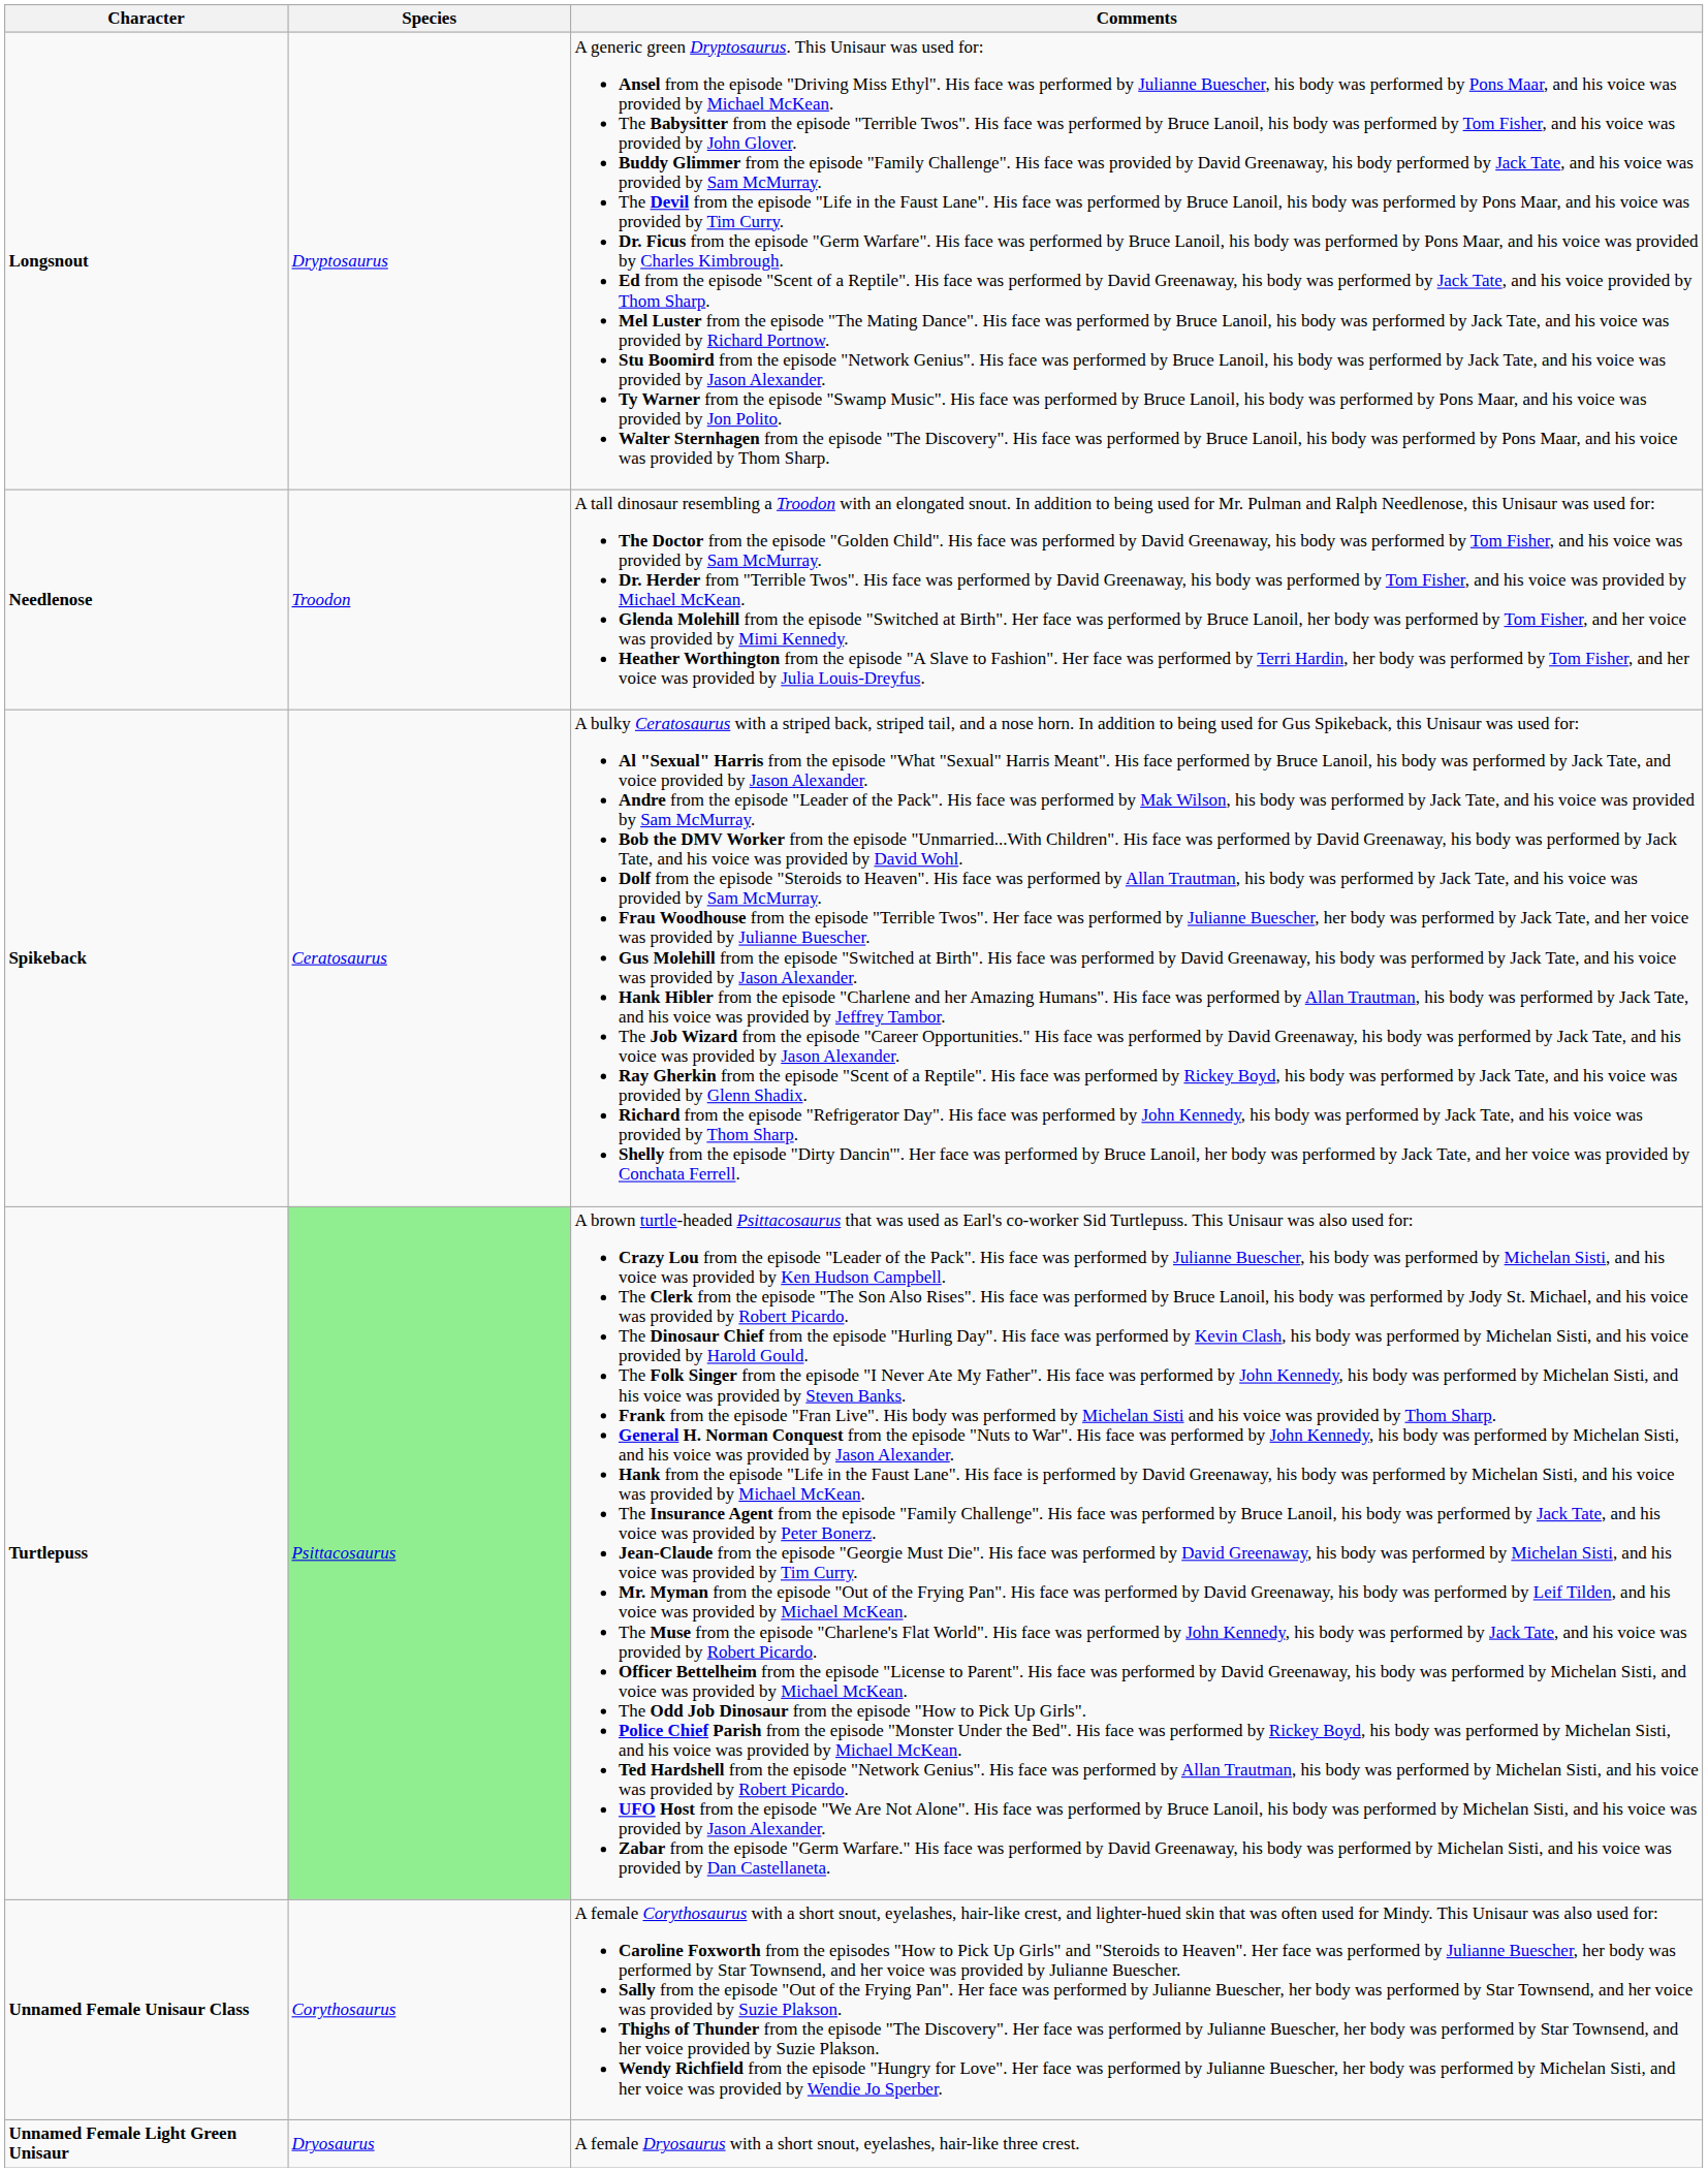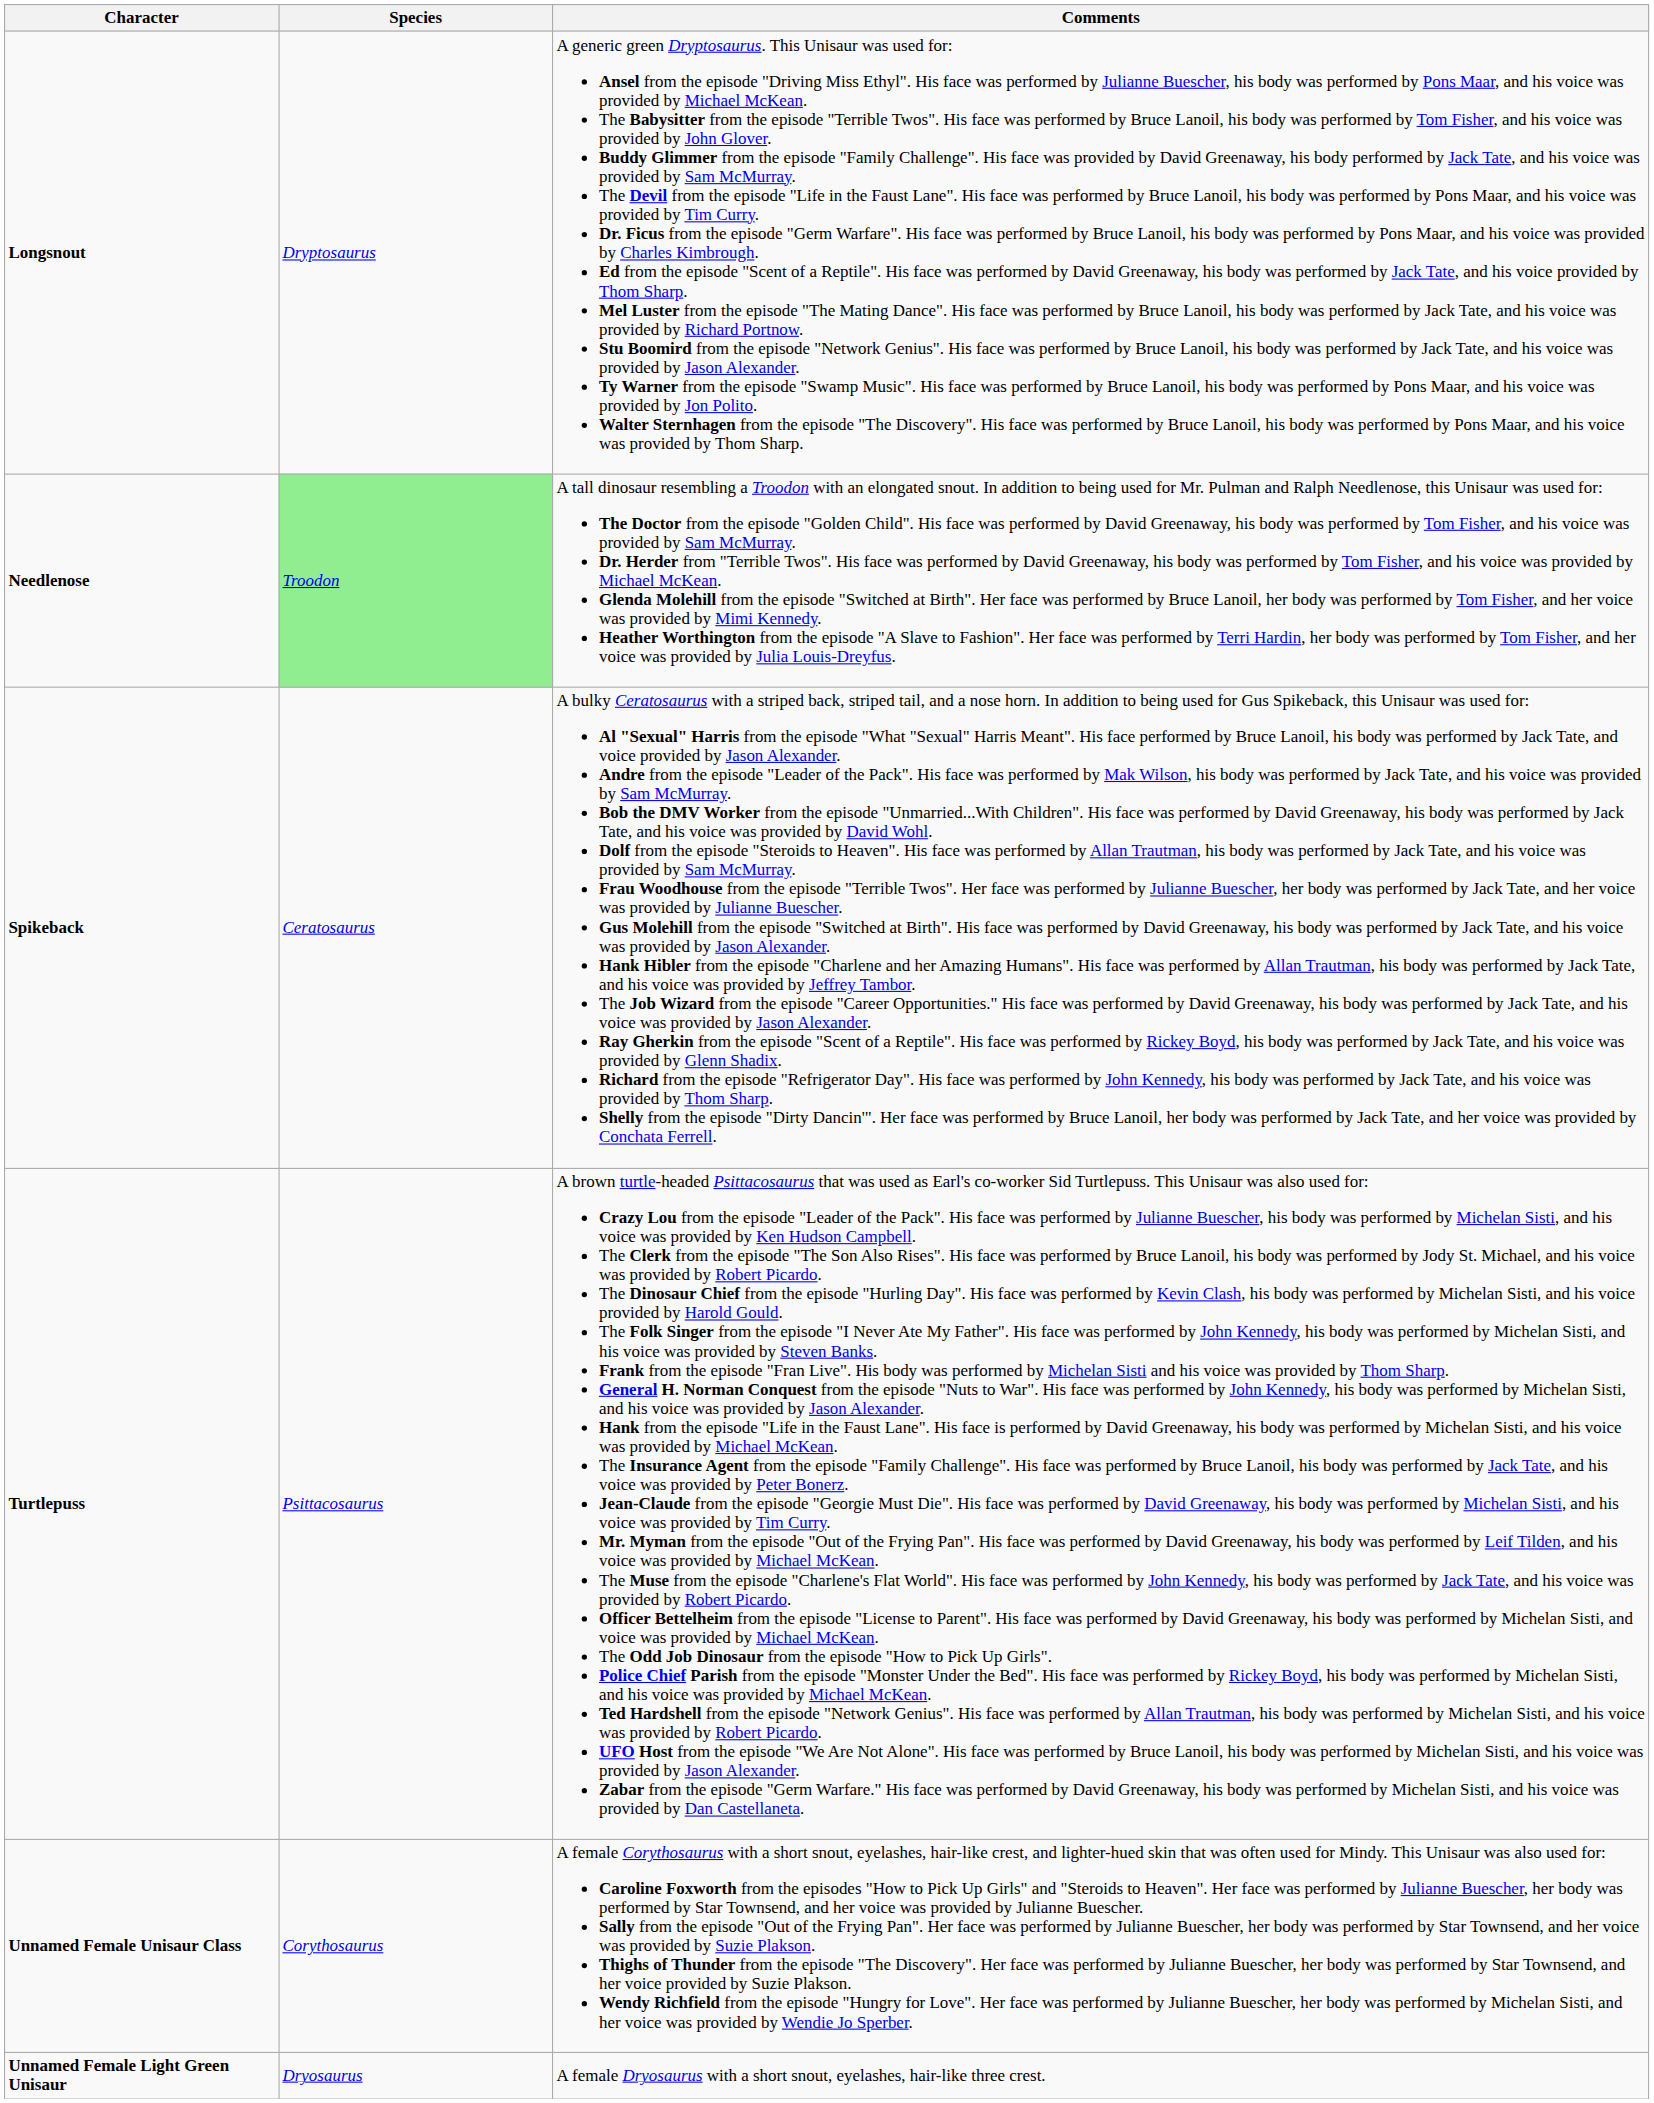 <table class="wikitable" style="width:98%;">
 <tr bgcolor="#CCCCCC">
 <th style="width:12.5%;">Character</th>
 <th style="width:12.5%;">Species</th>
 <th style="width:50%;">Comments</th>
 </tr>
 <tr>
 <td><strong>Longsnout</strong></td>
 <td><em><a href='#'>Dryptosaurus</a></em></td>
 <td>A generic green <em><a href='#'>Dryptosaurus</a></em>. This Unisaur was used for:<br><ul><li><strong>Ansel</strong> from the episode "Driving Miss Ethyl". His face was performed by <a href='#'>Julianne Buescher</a>, his body was performed by <a href='#'>Pons Maar</a>, and his voice was provided by <a href='#'>Michael McKean</a>.</li><li>The <strong>Babysitter</strong> from the episode "Terrible Twos". His face was performed by Bruce Lanoil, his body was performed by <a href='#'>Tom Fisher</a>, and his voice was provided by <a href='#'>John Glover</a>.</li><li><strong>Buddy Glimmer</strong> from the episode "Family Challenge". His face was provided by David Greenaway, his body performed by <a href='#'>Jack Tate</a>, and his voice was provided by <a href='#'>Sam McMurray</a>.</li><li>The <strong><a href='#'>Devil</a></strong> from the episode "Life in the Faust Lane". His face was performed by Bruce Lanoil, his body was performed by Pons Maar, and his voice was provided by <a href='#'>Tim Curry</a>.</li><li><strong>Dr. Ficus</strong> from the episode "Germ Warfare". His face was performed by Bruce Lanoil, his body was performed by Pons Maar, and his voice was provided by <a href='#'>Charles Kimbrough</a>.</li><li><strong>Ed</strong> from the episode "Scent of a Reptile". His face was performed by David Greenaway, his body was performed by <a href='#'>Jack Tate</a>, and his voice provided by <a href='#'>Thom Sharp</a>.</li><li><strong>Mel Luster</strong> from the episode "The Mating Dance". His face was performed by Bruce Lanoil, his body was performed by Jack Tate, and his voice was provided by <a href='#'>Richard Portnow</a>.</li><li><strong>Stu Boomird</strong> from the episode "Network Genius". His face was performed by Bruce Lanoil, his body was performed by Jack Tate, and his voice was provided by <a href='#'>Jason Alexander</a>.</li><li><strong>Ty Warner</strong> from the episode "Swamp Music". His face was performed by Bruce Lanoil, his body was performed by Pons Maar, and his voice was provided by <a href='#'>Jon Polito</a>.</li><li><strong>Walter Sternhagen</strong> from the episode "The Discovery". His face was performed by Bruce Lanoil, his body was performed by Pons Maar, and his voice was provided by Thom Sharp.</li></ul></td>
 </tr>
 <tr>
 <td><strong>Needlenose</strong></td>
-<td><em><a href='#'>Troodon</a></em></td>
+<td style="background: lightgreen;"><em><a href='#'>Troodon</a></em></td>
 <td>A tall dinosaur resembling a <em><a href='#'>Troodon</a></em> with an elongated snout. In addition to being used for Mr. Pulman and Ralph Needlenose, this Unisaur was used for:<br><ul><li><strong>The Doctor</strong> from the episode "Golden Child". His face was performed by David Greenaway, his body was performed by <a href='#'>Tom Fisher</a>, and his voice was provided by <a href='#'>Sam McMurray</a>.</li><li><strong>Dr. Herder</strong> from "Terrible Twos". His face was performed by David Greenaway, his body was performed by <a href='#'>Tom Fisher</a>, and his voice was provided by <a href='#'>Michael McKean</a>.</li><li><strong>Glenda Molehill</strong> from the episode "Switched at Birth". Her face was performed by Bruce Lanoil, her body was performed by <a href='#'>Tom Fisher</a>, and her voice was provided by <a href='#'>Mimi Kennedy</a>.</li><li><strong>Heather Worthington</strong> from the episode "A Slave to Fashion". Her face was performed by <a href='#'>Terri Hardin</a>, her body was performed by <a href='#'>Tom Fisher</a>, and her voice was provided by <a href='#'>Julia Louis-Dreyfus</a>.</li></ul></td>
 </tr>
 <tr>
 <td><strong>Spikeback</strong></td>
 <td><em><a href='#'>Ceratosaurus</a></em></td>
 <td>A bulky <em><a href='#'>Ceratosaurus</a></em> with a striped back, striped tail, and a nose horn. In addition to being used for Gus Spikeback, this Unisaur was used for:<br><ul><li><strong>Al "Sexual" Harris</strong> from the episode "What "Sexual" Harris Meant". His face performed by Bruce Lanoil, his body was performed by Jack Tate, and voice provided by <a href='#'>Jason Alexander</a>.</li><li><strong>Andre</strong> from the episode "Leader of the Pack". His face was performed by <a href='#'>Mak Wilson</a>, his body was performed by Jack Tate, and his voice was provided by <a href='#'>Sam McMurray</a>.</li><li><strong>Bob the DMV Worker</strong> from the episode "Unmarried...With Children". His face was performed by David Greenaway, his body was performed by Jack Tate, and his voice was provided by <a href='#'>David Wohl</a>.</li><li><strong>Dolf</strong> from the episode "Steroids to Heaven". His face was performed by <a href='#'>Allan Trautman</a>, his body was performed by Jack Tate, and his voice was provided by <a href='#'>Sam McMurray</a>.</li><li><strong>Frau Woodhouse</strong> from the episode "Terrible Twos". Her face was performed by <a href='#'>Julianne Buescher</a>, her body was performed by Jack Tate, and her voice was provided by <a href='#'>Julianne Buescher</a>.</li><li><strong>Gus Molehill</strong> from the episode "Switched at Birth". His face was performed by David Greenaway, his body was performed by Jack Tate, and his voice was provided by <a href='#'>Jason Alexander</a>.</li><li><strong>Hank Hibler</strong> from the episode "Charlene and her Amazing Humans". His face was performed by <a href='#'>Allan Trautman</a>, his body was performed by Jack Tate, and his voice was provided by <a href='#'>Jeffrey Tambor</a>.</li><li>The <strong>Job Wizard</strong> from the episode "Career Opportunities." His face was performed by David Greenaway, his body was performed by Jack Tate, and his voice was provided by <a href='#'>Jason Alexander</a>.</li><li><strong>Ray Gherkin</strong> from the episode "Scent of a Reptile". His face was performed by <a href='#'>Rickey Boyd</a>, his body was performed by Jack Tate, and his voice was provided by <a href='#'>Glenn Shadix</a>.</li><li><strong>Richard</strong> from the episode "Refrigerator Day". His face was performed by <a href='#'>John Kennedy</a>, his body was performed by Jack Tate, and his voice was provided by <a href='#'>Thom Sharp</a>.</li><li><strong>Shelly</strong> from the episode "Dirty Dancin'". Her face was performed by Bruce Lanoil, her body was performed by Jack Tate, and her voice was provided by <a href='#'>Conchata Ferrell</a>.</li></ul></td>
 </tr>
 <tr>
 <td><strong>Turtlepuss</strong></td>
-<td style="background: lightgreen;"><em><a href='#'>Psittacosaurus</a></em></td>
+<td><em><a href='#'>Psittacosaurus</a></em></td>
 <td>A brown <a href='#'>turtle</a>-headed <em><a href='#'>Psittacosaurus</a></em> that was used as Earl's co-worker Sid Turtlepuss. This Unisaur was also used for:<br><ul><li><strong>Crazy Lou</strong> from the episode "Leader of the Pack". His face was performed by <a href='#'>Julianne Buescher</a>, his body was performed by <a href='#'>Michelan Sisti</a>, and his voice was provided by <a href='#'>Ken Hudson Campbell</a>.</li><li>The <strong>Clerk</strong> from the episode "The Son Also Rises". His face was performed by Bruce Lanoil, his body was performed by Jody St. Michael, and his voice was provided by <a href='#'>Robert Picardo</a>.</li><li>The <strong>Dinosaur Chief</strong> from the episode "Hurling Day". His face was performed by <a href='#'>Kevin Clash</a>, his body was performed by Michelan Sisti, and his voice provided by <a href='#'>Harold Gould</a>.</li><li>The <strong>Folk Singer</strong> from the episode "I Never Ate My Father". His face was performed by <a href='#'>John Kennedy</a>, his body was performed by Michelan Sisti, and his voice was provided by <a href='#'>Steven Banks</a>.</li><li><strong>Frank</strong> from the episode "Fran Live". His body was performed by <a href='#'>Michelan Sisti</a> and his voice was provided by <a href='#'>Thom Sharp</a>.</li><li><strong><a href='#'>General</a> H. Norman Conquest</strong> from the episode "Nuts to War". His face was performed by <a href='#'>John Kennedy</a>, his body was performed by Michelan Sisti, and his voice was provided by <a href='#'>Jason Alexander</a>.</li><li><strong>Hank</strong> from the episode "Life in the Faust Lane". His face is performed by David Greenaway, his body was performed by Michelan Sisti, and his voice was provided by <a href='#'>Michael McKean</a>.</li><li>The <strong>Insurance Agent</strong> from the episode "Family Challenge". His face was performed by Bruce Lanoil, his body was performed by <a href='#'>Jack Tate</a>, and his voice was provided by <a href='#'>Peter Bonerz</a>.</li><li><strong>Jean-Claude</strong> from the episode "Georgie Must Die". His face was performed by <a href='#'>David Greenaway</a>, his body was performed by <a href='#'>Michelan Sisti</a>, and his voice was provided by <a href='#'>Tim Curry</a>.</li><li><strong>Mr. Myman</strong> from the episode "Out of the Frying Pan". His face was performed by David Greenaway, his body was performed by <a href='#'>Leif Tilden</a>, and his voice was provided by <a href='#'>Michael McKean</a>.</li><li>The <strong>Muse</strong> from the episode "Charlene's Flat World". His face was performed by <a href='#'>John Kennedy</a>, his body was performed by <a href='#'>Jack Tate</a>, and his voice was provided by <a href='#'>Robert Picardo</a>.</li><li><strong>Officer Bettelheim</strong> from the episode "License to Parent". His face was performed by David Greenaway, his body was performed by Michelan Sisti, and voice was provided by <a href='#'>Michael McKean</a>.</li><li>The <strong>Odd Job Dinosaur</strong> from the episode "How to Pick Up Girls".</li><li><strong><a href='#'>Police Chief</a> Parish</strong> from the episode "Monster Under the Bed". His face was performed by <a href='#'>Rickey Boyd</a>, his body was performed by Michelan Sisti, and his voice was provided by <a href='#'>Michael McKean</a>.</li><li><strong>Ted Hardshell</strong> from the episode "Network Genius". His face was performed by <a href='#'>Allan Trautman</a>, his body was performed by Michelan Sisti, and his voice was provided by <a href='#'>Robert Picardo</a>.</li><li><strong><a href='#'>UFO</a> Host</strong> from the episode "We Are Not Alone". His face was performed by Bruce Lanoil, his body was performed by Michelan Sisti, and his voice was provided by <a href='#'>Jason Alexander</a>.</li><li><strong>Zabar</strong> from the episode "Germ Warfare." His face was performed by David Greenaway, his body was performed by Michelan Sisti, and his voice was provided by <a href='#'>Dan Castellaneta</a>.</li></ul></td>
 </tr>
 <tr>
 <td><strong>Unnamed Female Unisaur Class</strong></td>
 <td><em><a href='#'>Corythosaurus</a></em></td>
 <td>A female <em><a href='#'>Corythosaurus</a></em> with a short snout, eyelashes, hair-like crest, and lighter-hued skin that was often used for Mindy. This Unisaur was also used for:<br><ul><li><strong>Caroline Foxworth</strong> from the episodes "How to Pick Up Girls" and "Steroids to Heaven". Her face was performed by <a href='#'>Julianne Buescher</a>, her body was performed by Star Townsend, and her voice was provided by Julianne Buescher.</li><li><strong>Sally</strong> from the episode "Out of the Frying Pan". Her face was performed by Julianne Buescher, her body was performed by Star Townsend, and her voice was provided by <a href='#'>Suzie Plakson</a>.</li><li><strong>Thighs of Thunder</strong> from the episode "The Discovery". Her face was performed by Julianne Buescher, her body was performed by Star Townsend, and her voice provided by Suzie Plakson.</li><li><strong>Wendy Richfield</strong> from the episode "Hungry for Love". Her face was performed by Julianne Buescher, her body was performed by Michelan Sisti, and her voice was provided by <a href='#'>Wendie Jo Sperber</a>.</li></ul></td>
 </tr>
 <tr>
 <td><strong>Unnamed Female Light Green Unisaur</strong></td>
 <td><em><a href='#'>Dryosaurus</a></em></td>
 <td>A female <em><a href='#'>Dryosaurus</a></em> with a short snout, eyelashes, hair-like three crest.</td>
 </tr>
 </table>
